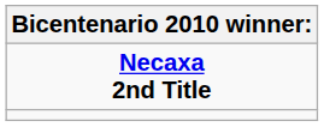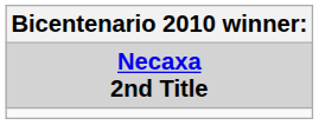 <table class="wikitable" style="text-align: center; margin: 0 auto;">
 <tr>
 <th>Bicentenario 2010 winner:</th>
 </tr>
 <tr>
-<td><strong><a href='#'>Necaxa</a></strong><br><strong>2nd Title</strong></td>
+<td style="background: lightgrey;"><strong><a href='#'>Necaxa</a></strong><br><strong>2nd Title</strong></td>
 </tr>
 <tr>
 <td></td>
 </tr>
 </table>
